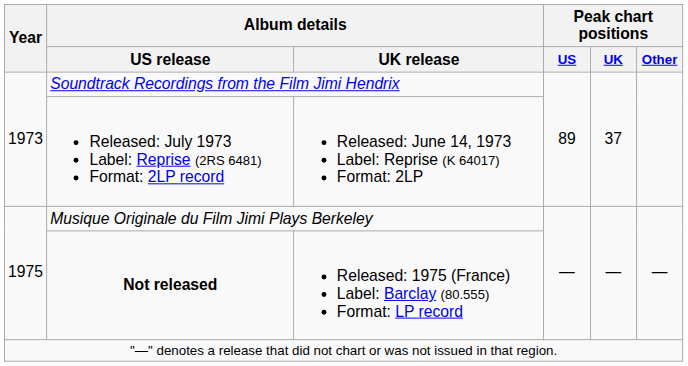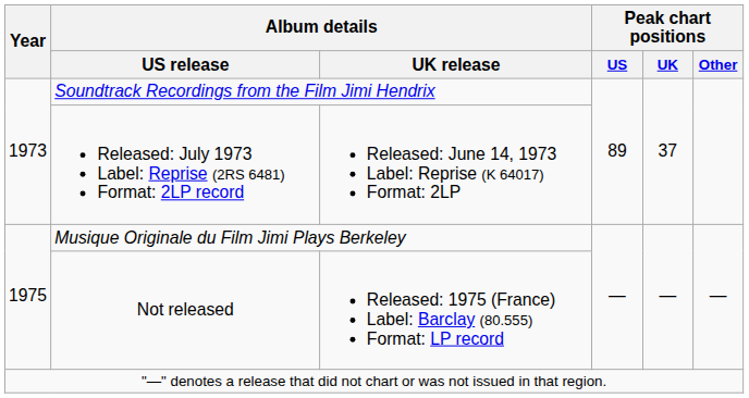 <table class="wikitable">
 <tr>
 <th rowspan="3">Year</th>
 <th rowspan="2" colspan="2" style="width:500px;">Album details</th>
 <th colspan="3">Peak chart positions</th>
 </tr>
 <tr>
 <th style="width:3em;font-size:85%" rowspan="2"><a href='#'>US</a><br></th>
 <th style="width:3em;font-size:85%" rowspan="2"><a href='#'>UK</a><br></th>
 <th style="width:3em;font-size:85%" rowspan="2"><a href='#'>Other</a><br></th>
 </tr>
 <tr>
 <th>US release</th>
 <th>UK release</th>
 </tr>
 <tr>
 <td rowspan="2">1973</td>
 <td colspan="2"><em><a href='#'>Soundtrack Recordings from the Film Jimi Hendrix</a></em></td>
 <td style="text-align:center;" rowspan="2">89</td>
 <td style="text-align:center;" rowspan="2">37</td>
 <td style="text-align:center;" rowspan="2"></td>
 </tr>
 <tr>
 <td><br><ul><li>Released: July 1973</li><li>Label: <a href='#'>Reprise</a> <small>(2RS 6481)</small></li><li>Format: <a href='#'>2LP record</a></li></ul></td>
 <td><br><ul><li>Released: June 14, 1973</li><li>Label: Reprise <small>(K 64017)</small></li><li>Format: 2LP</li></ul></td>
 </tr>
 <tr>
 <td rowspan="2">1975</td>
 <td colspan="2"><em>Musique Originale du Film Jimi Plays Berkeley</em></td>
 <td style="text-align:center;" rowspan="2">—</td>
 <td style="text-align:center;" rowspan="2">—</td>
 <td style="text-align:center;" rowspan="2">—</td>
 </tr>
 <tr>
-<td style="text-align:center;"><strong>Not released</strong></td>
+<td style="text-align:center;">Not released</td>
 <td><br><ul><li>Released: 1975 (France)</li><li>Label: <a href='#'>Barclay</a> <small>(80.555)</small></li><li>Format: <a href='#'>LP record</a></li></ul></td>
 </tr>
 <tr>
 <td colspan="8" style="text-align:center; font-size:85%;">"—" denotes a release that did not chart or was not issued in that region.</td>
 </tr>
 </table>
